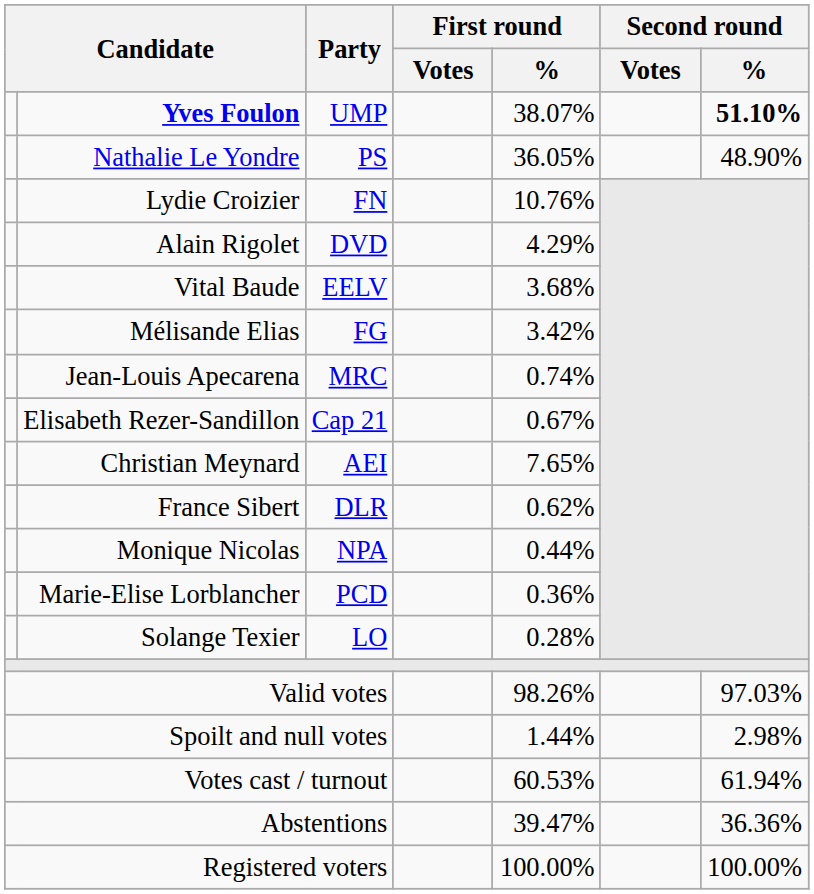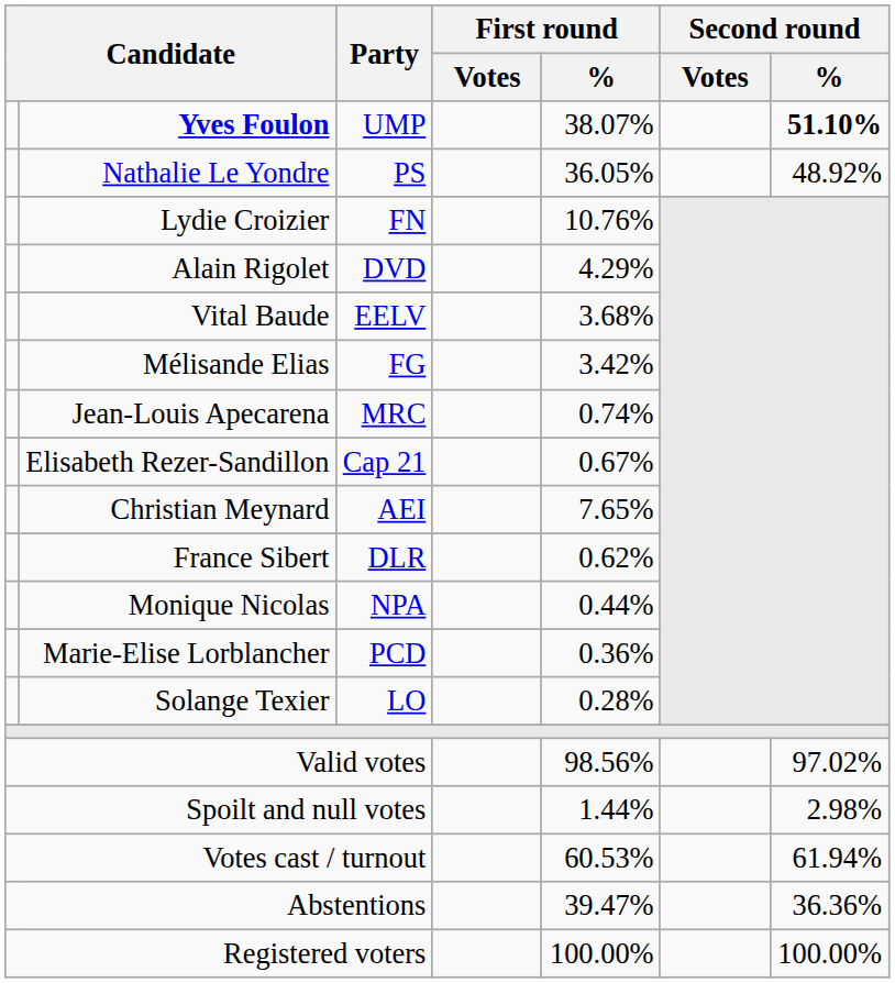 <table class="wikitable" style="text-align:right;font-size:95%;">
 <tr>
 <th rowspan=2 colspan=2>Candidate</th>
 <th rowspan=2 colspan=1>Party</th>
 <th colspan=2>First round</th>
 <th colspan=2>Second round</th>
 </tr>
 <tr>
 <th style="width:50px;">Votes</th>
 <th style="width:55px;">%</th>
 <th style="width:50px;">Votes</th>
 <th style="width:55px;">%</th>
 </tr>
 <tr>
 <td style="color:inherit;background-color:"></td>
 <td><strong><a href='#'>Yves Foulon</a></strong></td>
 <td><a href='#'>UMP</a></td>
 <td></td>
 <td>38.07%</td>
 <td><strong></strong></td>
 <td><strong>51.10%</strong></td>
 </tr>
 <tr>
 <td style="color:inherit;background-color:"></td>
 <td><a href='#'>Nathalie Le Yondre</a></td>
 <td><a href='#'>PS</a></td>
 <td></td>
 <td>36.05%</td>
 <td></td>
-<td>48.90%</td>
+<td>48.92%</td>
 </tr>
 <tr>
 <td style="color:inherit;background-color:"></td>
 <td>Lydie Croizier</td>
 <td><a href='#'>FN</a></td>
 <td></td>
 <td>10.76%</td>
 <td colspan=7 rowspan=11 style="background-color:#E9E9E9;"></td>
 </tr>
 <tr>
 <td style="color:inherit;background-color:"></td>
 <td>Alain Rigolet</td>
 <td><a href='#'>DVD</a></td>
 <td></td>
 <td>4.29%</td>
 </tr>
 <tr>
 <td style="color:inherit;background-color:"></td>
 <td>Vital Baude</td>
 <td><a href='#'>EELV</a></td>
 <td></td>
 <td>3.68%</td>
 </tr>
 <tr>
 <td style="color:inherit;background-color:"></td>
 <td>Mélisande Elias</td>
 <td><a href='#'>FG</a></td>
 <td></td>
 <td>3.42%</td>
 </tr>
 <tr>
 <td style="color:inherit;background-color:"></td>
 <td>Jean-Louis Apecarena</td>
 <td><a href='#'>MRC</a></td>
 <td></td>
 <td>0.74%</td>
 </tr>
 <tr>
 <td style="color:inherit;background-color:"></td>
 <td>Elisabeth Rezer-Sandillon</td>
 <td><a href='#'>Cap 21</a></td>
 <td></td>
 <td>0.67%</td>
 </tr>
 <tr>
 <td style="color:inherit;background-color:"></td>
 <td>Christian Meynard</td>
 <td><a href='#'>AEI</a></td>
 <td></td>
 <td>7.65%</td>
 </tr>
 <tr>
 <td style="color:inherit;background-color:"></td>
 <td>France Sibert</td>
 <td><a href='#'>DLR</a></td>
 <td></td>
 <td>0.62%</td>
 </tr>
 <tr>
 <td style="color:inherit;background-color:"></td>
 <td>Monique Nicolas</td>
 <td><a href='#'>NPA</a></td>
 <td></td>
 <td>0.44%</td>
 </tr>
 <tr>
 <td style="color:inherit;background-color:"></td>
 <td>Marie-Elise Lorblancher</td>
 <td><a href='#'>PCD</a></td>
 <td></td>
 <td>0.36%</td>
 </tr>
 <tr>
 <td style="color:inherit;background-color:"></td>
 <td>Solange Texier</td>
 <td><a href='#'>LO</a></td>
 <td></td>
 <td>0.28%</td>
 </tr>
 <tr>
 <td colspan=7 style="background-color:#E9E9E9;"></td>
 </tr>
 <tr>
 <td colspan=3>Valid votes</td>
 <td></td>
-<td>98.26%</td>
+<td>98.56%</td>
 <td></td>
-<td>97.03%</td>
+<td>97.02%</td>
 </tr>
 <tr>
 <td colspan=3>Spoilt and null votes</td>
 <td></td>
 <td>1.44%</td>
 <td></td>
 <td>2.98%</td>
 </tr>
 <tr>
 <td colspan=3>Votes cast / turnout</td>
 <td></td>
 <td>60.53%</td>
 <td></td>
 <td>61.94%</td>
 </tr>
 <tr>
 <td colspan=3>Abstentions</td>
 <td></td>
 <td>39.47%</td>
 <td></td>
 <td>36.36%</td>
 </tr>
 <tr>
 <td colspan=3>Registered voters</td>
 <td></td>
 <td>100.00%</td>
 <td></td>
 <td>100.00%</td>
 </tr>
 </table>
